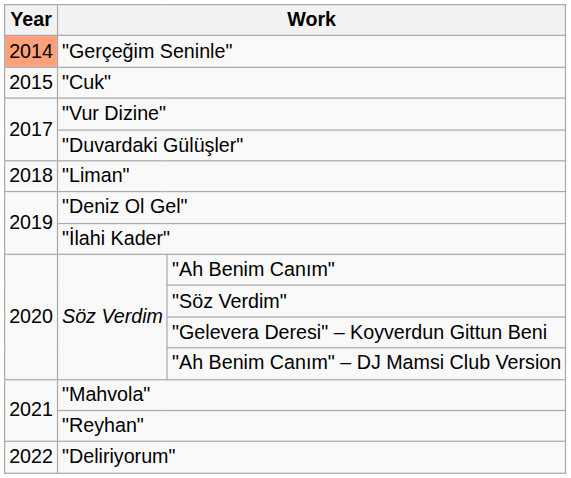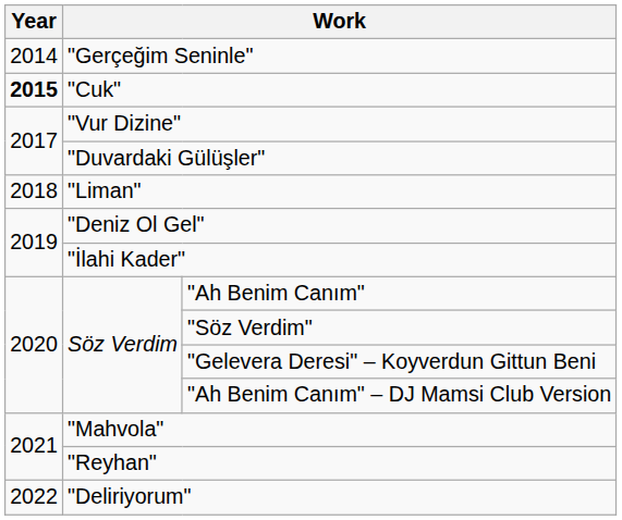 <table class="wikitable">
 <tr>
 <th>Year</th>
 <th colspan="2">Work</th>
 </tr>
 <tr>
-<td style="background: lightsalmon;">2014</td>
+<td>2014</td>
 <td colspan="2">"Gerçeğim Seninle"</td>
 </tr>
 <tr>
-<td>2015</td>
+<td><strong>2015</strong></td>
 <td colspan="2">"Cuk"</td>
 </tr>
 <tr>
 <td rowspan="2">2017</td>
 <td colspan="2">"Vur Dizine"</td>
 </tr>
 <tr>
 <td colspan="2">"Duvardaki Gülüşler"</td>
 </tr>
 <tr>
 <td>2018</td>
 <td colspan="2">"Liman"</td>
 </tr>
 <tr>
 <td rowspan="2">2019</td>
 <td colspan="2">"Deniz Ol Gel"</td>
 </tr>
 <tr>
 <td colspan="2">"İlahi Kader"</td>
 </tr>
 <tr>
 <td rowspan="4">2020</td>
 <td rowspan="4"><em>Söz Verdim</em></td>
 <td>"Ah Benim Canım"</td>
 </tr>
 <tr>
 <td>"Söz Verdim"</td>
 </tr>
 <tr>
 <td>"Gelevera Deresi" – Koyverdun Gittun Beni</td>
 </tr>
 <tr>
 <td>"Ah Benim Canım" – DJ Mamsi Club Version</td>
 </tr>
 <tr>
 <td rowspan="2">2021</td>
 <td colspan="2">"Mahvola"</td>
 </tr>
 <tr>
 <td colspan="2">"Reyhan"</td>
 </tr>
 <tr>
 <td>2022</td>
 <td colspan="2">"Deliriyorum"</td>
 </tr>
 </table>
